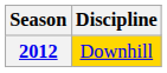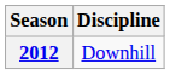 <table class="wikitable" style="text-align:center">
 <tr>
 <th>Season</th>
 <th>Discipline</th>
 </tr>
 <tr>
 <th><a href='#'>2012</a></th>
-<td style="background: gold;"><a href='#'>Downhill</a></td>
+<td><a href='#'>Downhill</a></td>
 </tr>
 </table>
